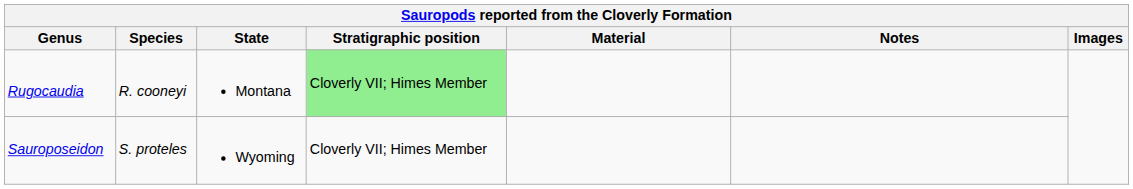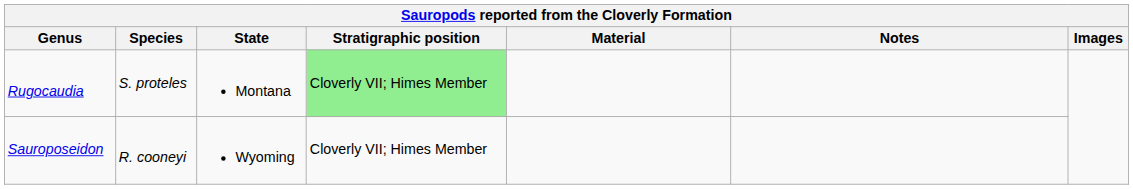 <table class="wikitable" align="center" width="100%">
 <tr>
 <th colspan="7" align="center"><strong><a href='#'>Sauropods</a> reported from the Cloverly Formation</strong></th>
 </tr>
 <tr>
 <th>Genus</th>
 <th>Species</th>
 <th>State</th>
 <th>Stratigraphic position</th>
 <th width="20%">Material</th>
 <th width="30%">Notes</th>
 <th>Images</th>
 </tr>
 <tr>
 <td><br><em><a href='#'>Rugocaudia</a></em></td>
-<td><br><em>R. cooneyi</em></td>
+<td><em>S. proteles</em></td>
 <td><br><ul><li>Montana</li></ul></td>
 <td style="background: lightgreen;">Cloverly VII; Himes Member</td>
 <td></td>
 <td></td>
 <td rowspan = 2></td>
 </tr>
 <tr>
 <td><em><a href='#'>Sauroposeidon</a></em></td>
-<td><em>S. proteles</em></td>
+<td><br><em>R. cooneyi</em></td>
 <td><br><ul><li>Wyoming</li></ul></td>
 <td>Cloverly VII; Himes Member</td>
 <td></td>
 <td></td>
 </tr>
 </table>
